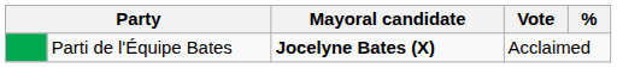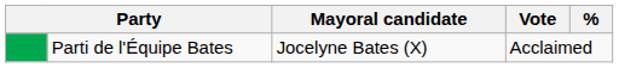 <table class="wikitable">
 <tr>
 <th bgcolor="#DDDDFF" width="230px" colspan="2">Party</th>
 <th bgcolor="#DDDDFF" width="200px">Mayoral candidate</th>
 <th bgcolor="#DDDDFF" width="50px">Vote</th>
 <th bgcolor="#DDDDFF" width="30px">%</th>
 </tr>
 <tr>
 <td bgcolor=#00A850 width="30px"> </td>
 <td>Parti de l'Équipe Bates</td>
-<td><strong>Jocelyne Bates (X)</strong></td>
+<td>Jocelyne Bates (X)</td>
 <td colspan="2">Acclaimed</td>
 </tr>
 </table>
